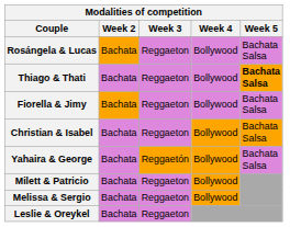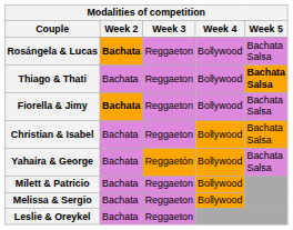 <table class="wikitable collapsible collapsed" style="text-align:left; font-size:85%; line-height:16px;">
 <tr>
 <th colspan=5>Modalities of competition</th>
 </tr>
 <tr>
 <th>Couple</th>
 <th>Week 2</th>
 <th>Week 3</th>
 <th>Week 4</th>
 <th>Week 5</th>
 </tr>
 <tr>
 <th>Rosángela & Lucas</th>
-<td style="background:orange;">Bachata</td>
+<td style="background:orange;"><strong>Bachata</strong></td>
 <td style="background:#dd88dd;">Reggaeton</td>
 <td style="background:#dd88dd;">Bollywood</td>
 <td style="background:#dd88dd;">Bachata<br>Salsa</td>
 </tr>
 <tr>
 <th>Thiago & Thati</th>
 <td style="background:#dd88dd;">Bachata</td>
 <td style="background:#dd88dd;">Reggaeton</td>
 <td style="background:#dd88dd;">Bollywood</td>
 <td style="background:orange;"><strong>Bachata<br>Salsa</strong></td>
 </tr>
 <tr>
 <th>Fiorella & Jimy</th>
-<td style="background:orange;">Bachata</td>
+<td style="background:orange;"><strong>Bachata</strong></td>
 <td style="background:#dd88dd;">Reggaeton</td>
 <td style="background:#dd88dd;">Bollywood</td>
 <td style="background:#dd88dd;">Bachata<br>Salsa</td>
 </tr>
 <tr>
 <th>Christian & Isabel</th>
 <td style="background:#dd88dd;">Bachata</td>
 <td style="background:#dd88dd;">Reggaeton</td>
 <td style="background:orange;">Bollywood</td>
 <td style="background:orange;">Bachata<br>Salsa</td>
 </tr>
 <tr>
 <th>Yahaira & George</th>
 <td style="background:#dd88dd;">Bachata</td>
 <td style="background:orange;">Reggaetón</td>
 <td style="background:orange;">Bollywood</td>
 <td style="background:#dd88dd;">Bachata<br>Salsa</td>
 </tr>
 <tr>
 <th>Milett & Patricio</th>
 <td style="background:#dd88dd;">Bachata</td>
 <td style="background:#dd88dd;">Reggaeton</td>
 <td style="background:orange;">Bollywood</td>
 <td style="background:darkgrey;" colspan="2"></td>
 </tr>
 <tr>
 <th>Melissa & Sergio</th>
 <td style="background:#dd88dd;">Bachata</td>
 <td style="background:#dd88dd;">Reggaeton</td>
 <td style="background:orange;">Bollywood</td>
 <td style="background:darkgrey;" colspan="2"></td>
 </tr>
 <tr>
 <th>Leslie & Oreykel</th>
 <td style="background:#dd88dd;">Bachata</td>
 <td style="background:#dd88dd;">Reggaeton</td>
 <td style="background:darkgrey;" colspan="3"></td>
 </tr>
 </table>
